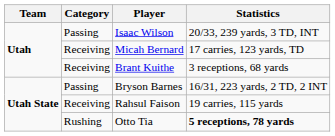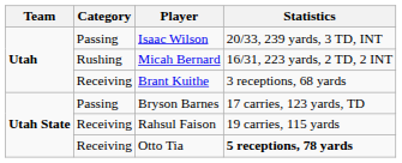 <table class="wikitable" style="float: right;">
 <tr>
 <th>Team</th>
 <th>Category</th>
 <th>Player</th>
 <th>Statistics</th>
 </tr>
 <tr>
 <td rowspan=3><strong>Utah</strong></td>
 <td>Passing</td>
 <td><a href='#'>Isaac Wilson</a></td>
 <td>20/33, 239 yards, 3 TD, INT</td>
 </tr>
 <tr>
-<td>Receiving</td>
+<td>Rushing</td>
 <td><a href='#'>Micah Bernard</a></td>
-<td>17 carries, 123 yards, TD</td>
+<td>16/31, 223 yards, 2 TD, 2 INT</td>
 </tr>
 <tr>
 <td>Receiving</td>
 <td><a href='#'>Brant Kuithe</a></td>
 <td>3 receptions, 68 yards</td>
 </tr>
 <tr>
 <td rowspan=3><strong>Utah State</strong></td>
 <td>Passing</td>
 <td>Bryson Barnes</td>
-<td>16/31, 223 yards, 2 TD, 2 INT</td>
+<td>17 carries, 123 yards, TD</td>
 </tr>
 <tr>
 <td>Receiving</td>
 <td>Rahsul Faison</td>
 <td>19 carries, 115 yards</td>
 </tr>
 <tr>
-<td>Rushing</td>
+<td>Receiving</td>
 <td>Otto Tia</td>
 <td><strong>5 receptions, 78 yards</strong></td>
 </tr>
 </table>
